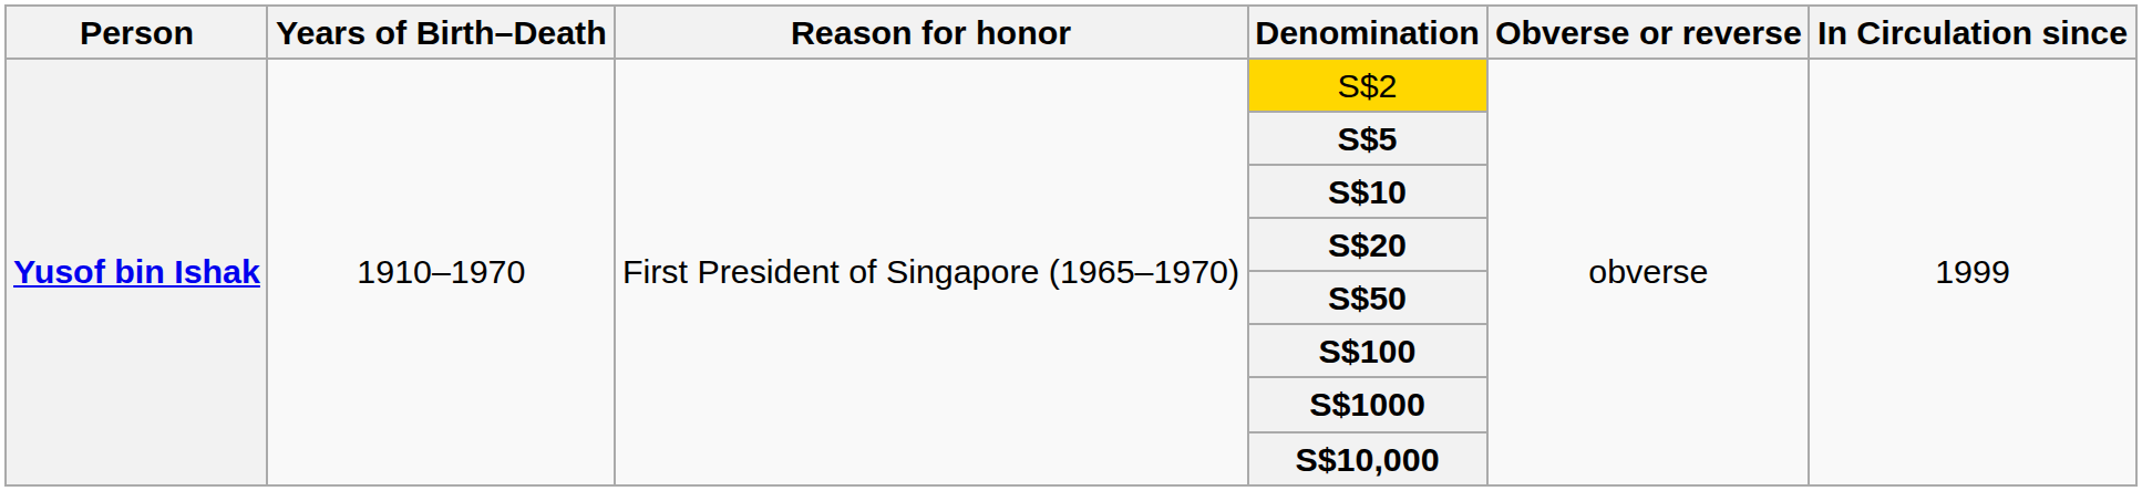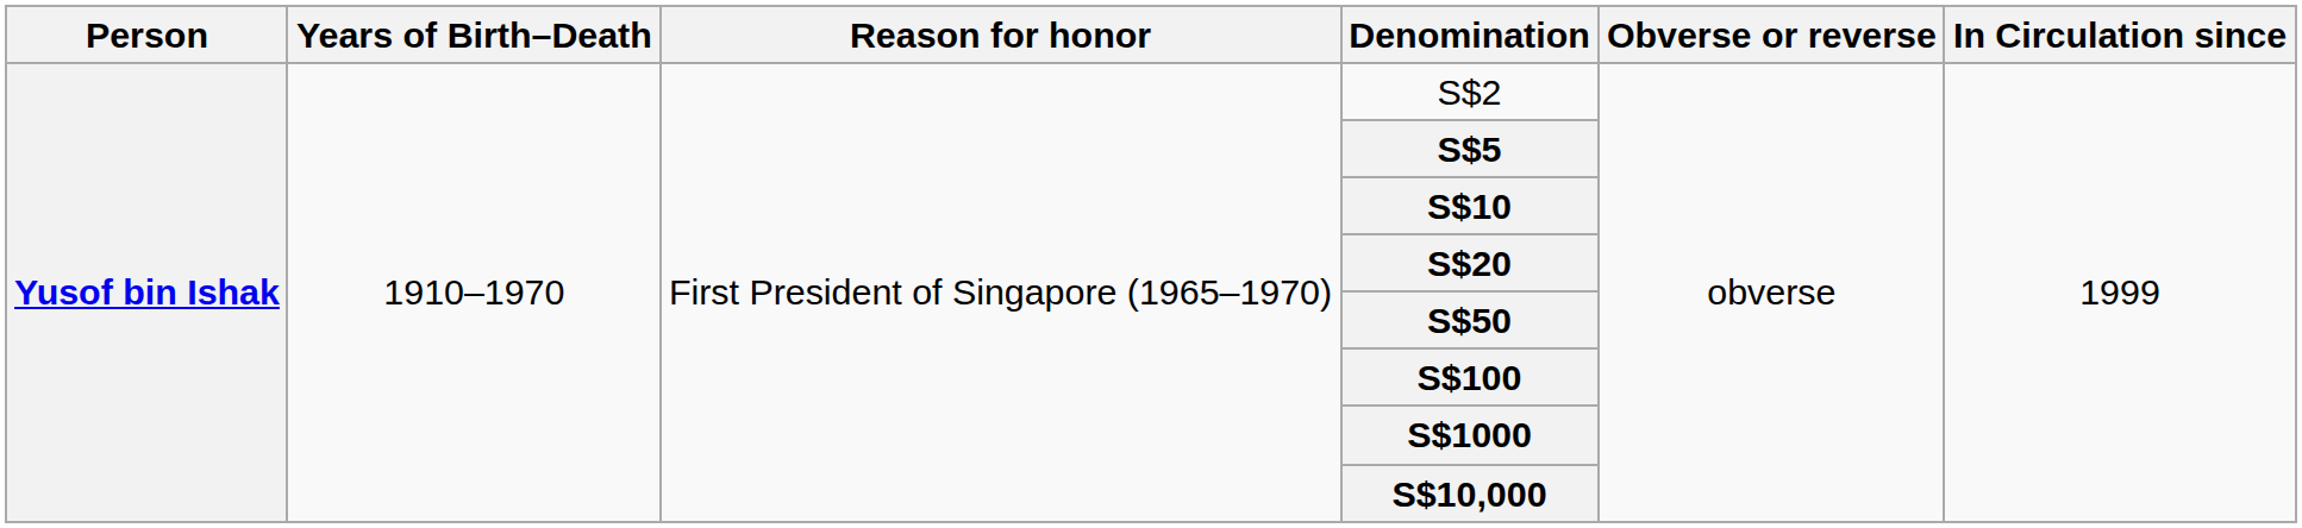 <table class="wikitable" style="font-size: 95%; text-align:center;">
 <tr>
 <th>Person</th>
 <th>Years of Birth–Death</th>
 <th>Reason for honor</th>
 <th>Denomination</th>
 <th>Obverse or reverse</th>
 <th>In Circulation since</th>
 </tr>
 <tr>
 <th rowspan="8"><a href='#'>Yusof bin Ishak</a></th>
 <td rowspan="8">1910–1970</td>
 <td rowspan="8">First President of Singapore (1965–1970)</td>
-<td style="background: gold;">S$2</td>
+<td>S$2</td>
 <td rowspan="8">obverse</td>
 <td rowspan="8">1999</td>
 </tr>
 <tr>
 <th>S$5</th>
 </tr>
 <tr>
 <th>S$10</th>
 </tr>
 <tr>
 <th>S$20</th>
 </tr>
 <tr>
 <th>S$50</th>
 </tr>
 <tr>
 <th>S$100</th>
 </tr>
 <tr>
 <th>S$1000</th>
 </tr>
 <tr>
 <th>S$10,000</th>
 </tr>
 <tr>
 </tr>
 </table>
